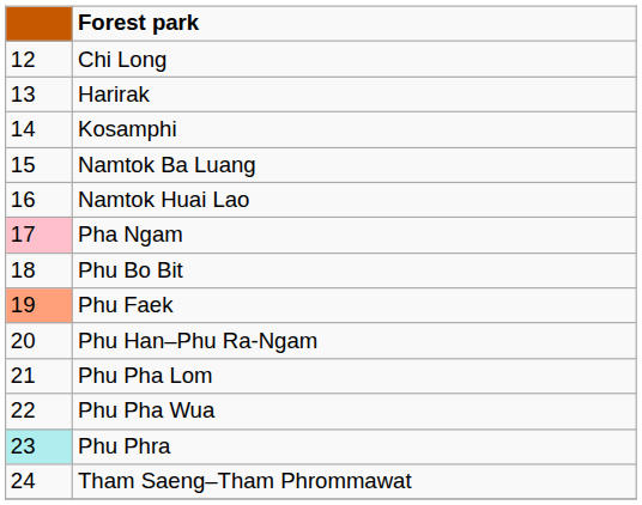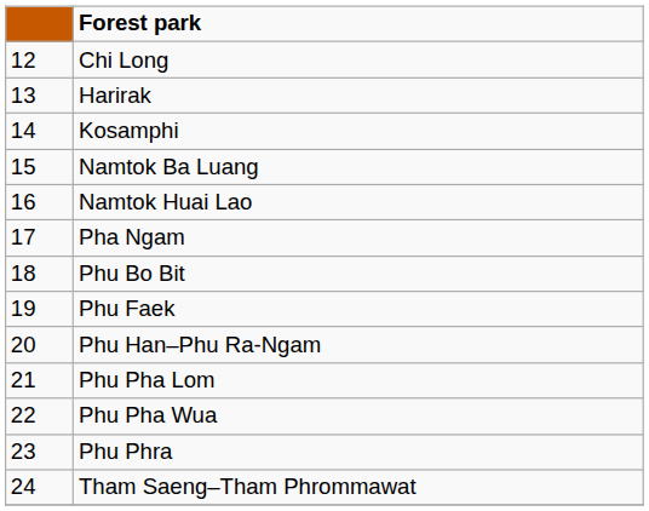 <table class= "wikitable" style= "width:36%; display:inline-table;">
 <tr>
 <td style="width:3%; background:#C65900;"> </td>
 <td style="width:33%;"><strong>Forest park</strong></td>
 </tr>
 <tr>
 <td>12</td>
 <td>Chi Long</td>
 </tr>
 <tr>
 <td>13</td>
 <td>Harirak</td>
 </tr>
 <tr>
 <td>14</td>
 <td>Kosamphi</td>
 </tr>
 <tr>
 <td>15</td>
 <td>Namtok Ba Luang</td>
 </tr>
 <tr>
 <td>16</td>
 <td>Namtok Huai Lao</td>
 </tr>
 <tr>
-<td style="background: pink;">17</td>
+<td>17</td>
 <td>Pha Ngam</td>
 </tr>
 <tr>
 <td>18</td>
 <td>Phu Bo Bit</td>
 </tr>
 <tr>
-<td style="background: lightsalmon;">19</td>
+<td>19</td>
 <td>Phu Faek</td>
 </tr>
 <tr>
 <td>20</td>
 <td>Phu Han–Phu Ra-Ngam</td>
 </tr>
 <tr>
 <td>21</td>
 <td>Phu Pha Lom</td>
 </tr>
 <tr>
 <td>22</td>
 <td>Phu Pha Wua</td>
 </tr>
 <tr>
-<td style="background: paleturquoise;">23</td>
+<td>23</td>
 <td>Phu Phra</td>
 </tr>
 <tr>
 <td>24</td>
 <td>Tham Saeng–Tham Phrommawat</td>
 </tr>
 <tr>
 </tr>
 </table>
